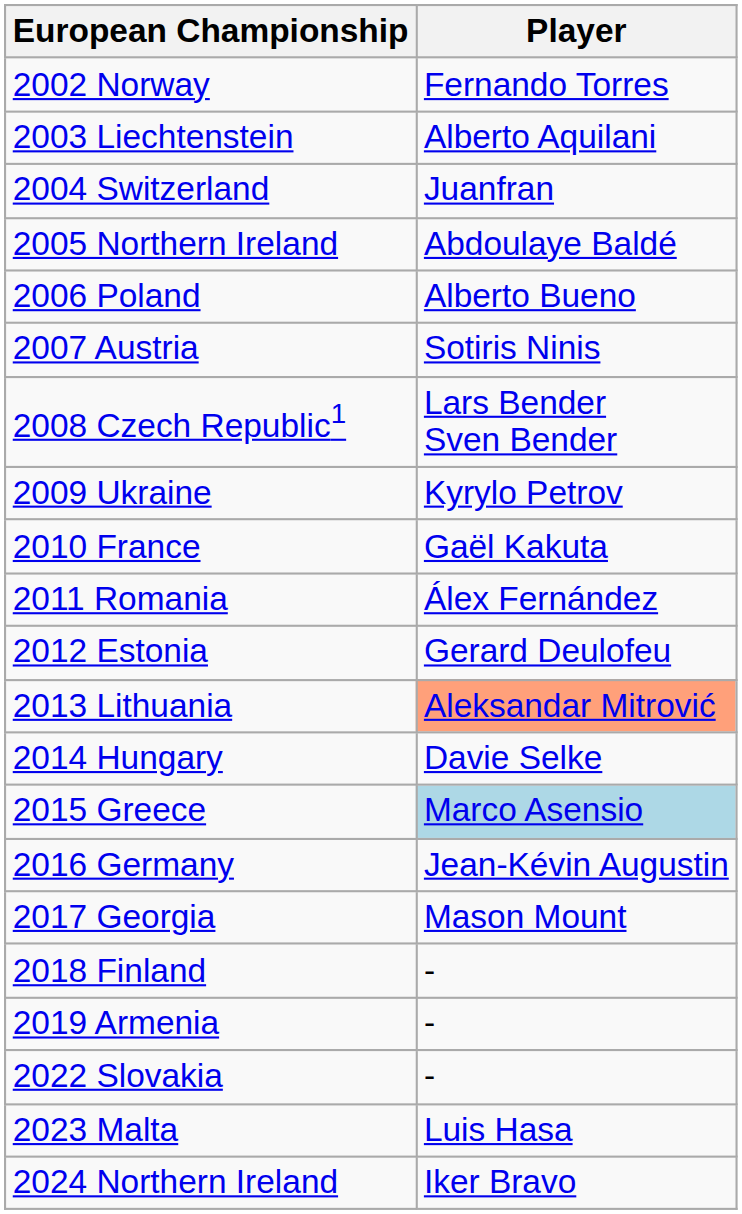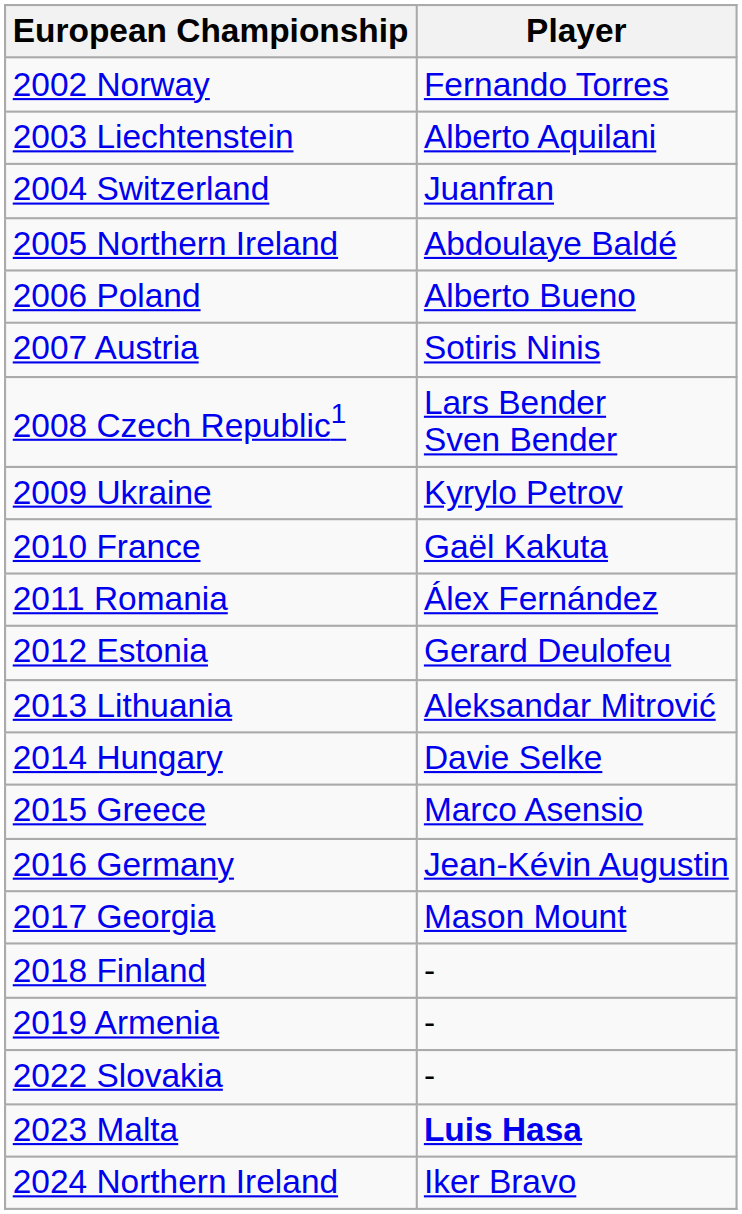 <table class=wikitable>
 <tr>
 <th>European Championship</th>
 <th>Player</th>
 </tr>
 <tr>
 <td><a href='#'>2002 Norway</a></td>
 <td> <a href='#'>Fernando Torres</a></td>
 </tr>
 <tr>
 <td><a href='#'>2003 Liechtenstein</a></td>
 <td> <a href='#'>Alberto Aquilani</a></td>
 </tr>
 <tr>
 <td><a href='#'>2004 Switzerland</a></td>
 <td> <a href='#'>Juanfran</a></td>
 </tr>
 <tr>
 <td><a href='#'>2005 Northern Ireland</a></td>
 <td> <a href='#'>Abdoulaye Baldé</a></td>
 </tr>
 <tr>
 <td><a href='#'>2006 Poland</a></td>
 <td> <a href='#'>Alberto Bueno</a></td>
 </tr>
 <tr>
 <td><a href='#'>2007 Austria</a></td>
 <td> <a href='#'>Sotiris Ninis</a></td>
 </tr>
 <tr>
 <td><a href='#'>2008 Czech Republic<sup>1</sup></a></td>
 <td> <a href='#'>Lars Bender</a><br> <a href='#'>Sven Bender</a></td>
 </tr>
 <tr>
 <td><a href='#'>2009 Ukraine</a></td>
 <td> <a href='#'>Kyrylo Petrov</a></td>
 </tr>
 <tr>
 <td><a href='#'>2010 France</a></td>
 <td> <a href='#'>Gaël Kakuta</a></td>
 </tr>
 <tr>
 <td><a href='#'>2011 Romania</a></td>
 <td> <a href='#'>Álex Fernández</a></td>
 </tr>
 <tr>
 <td><a href='#'>2012 Estonia</a></td>
 <td> <a href='#'>Gerard Deulofeu</a></td>
 </tr>
 <tr>
 <td><a href='#'>2013 Lithuania</a></td>
-<td style="background: lightsalmon;"> <a href='#'>Aleksandar Mitrović</a></td>
+<td> <a href='#'>Aleksandar Mitrović</a></td>
 </tr>
 <tr>
 <td><a href='#'>2014 Hungary</a></td>
 <td> <a href='#'>Davie Selke</a></td>
 </tr>
 <tr>
 <td><a href='#'>2015 Greece</a></td>
-<td style="background: lightblue;"> <a href='#'>Marco Asensio</a></td>
+<td> <a href='#'>Marco Asensio</a></td>
 </tr>
 <tr>
 <td><a href='#'>2016 Germany</a></td>
 <td> <a href='#'>Jean-Kévin Augustin</a></td>
 </tr>
 <tr>
 <td><a href='#'>2017 Georgia</a></td>
 <td> <a href='#'>Mason Mount</a></td>
 </tr>
 <tr>
 <td><a href='#'>2018 Finland</a></td>
 <td>-</td>
 </tr>
 <tr>
 <td><a href='#'>2019 Armenia</a></td>
 <td>-</td>
 </tr>
 <tr>
 <td><a href='#'>2022 Slovakia</a></td>
 <td>-</td>
 </tr>
 <tr>
 <td><a href='#'>2023 Malta</a></td>
-<td> <a href='#'>Luis Hasa</a></td>
+<td><strong> <a href='#'>Luis Hasa</a></strong></td>
 </tr>
 <tr>
 <td><a href='#'>2024 Northern Ireland</a></td>
 <td> <a href='#'>Iker Bravo</a></td>
 </tr>
 </table>
